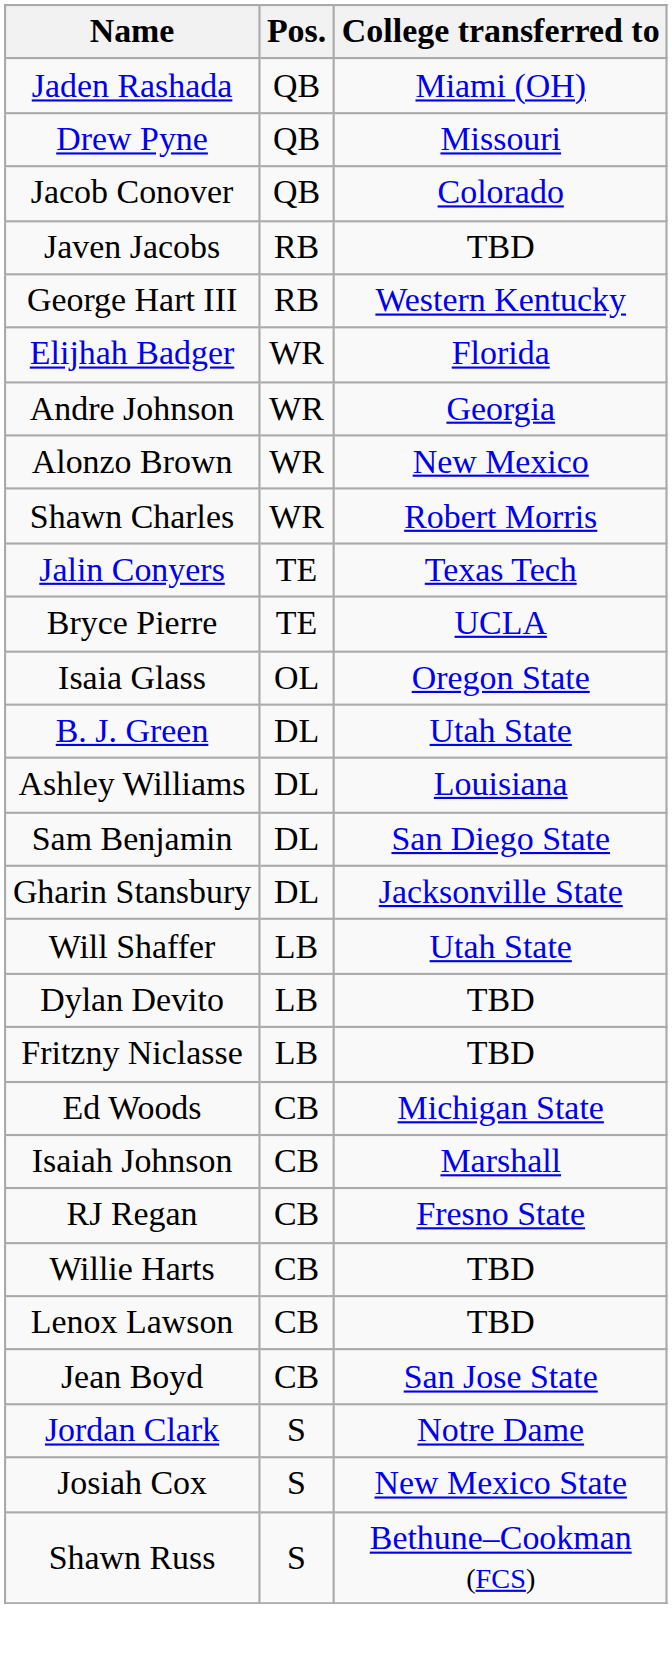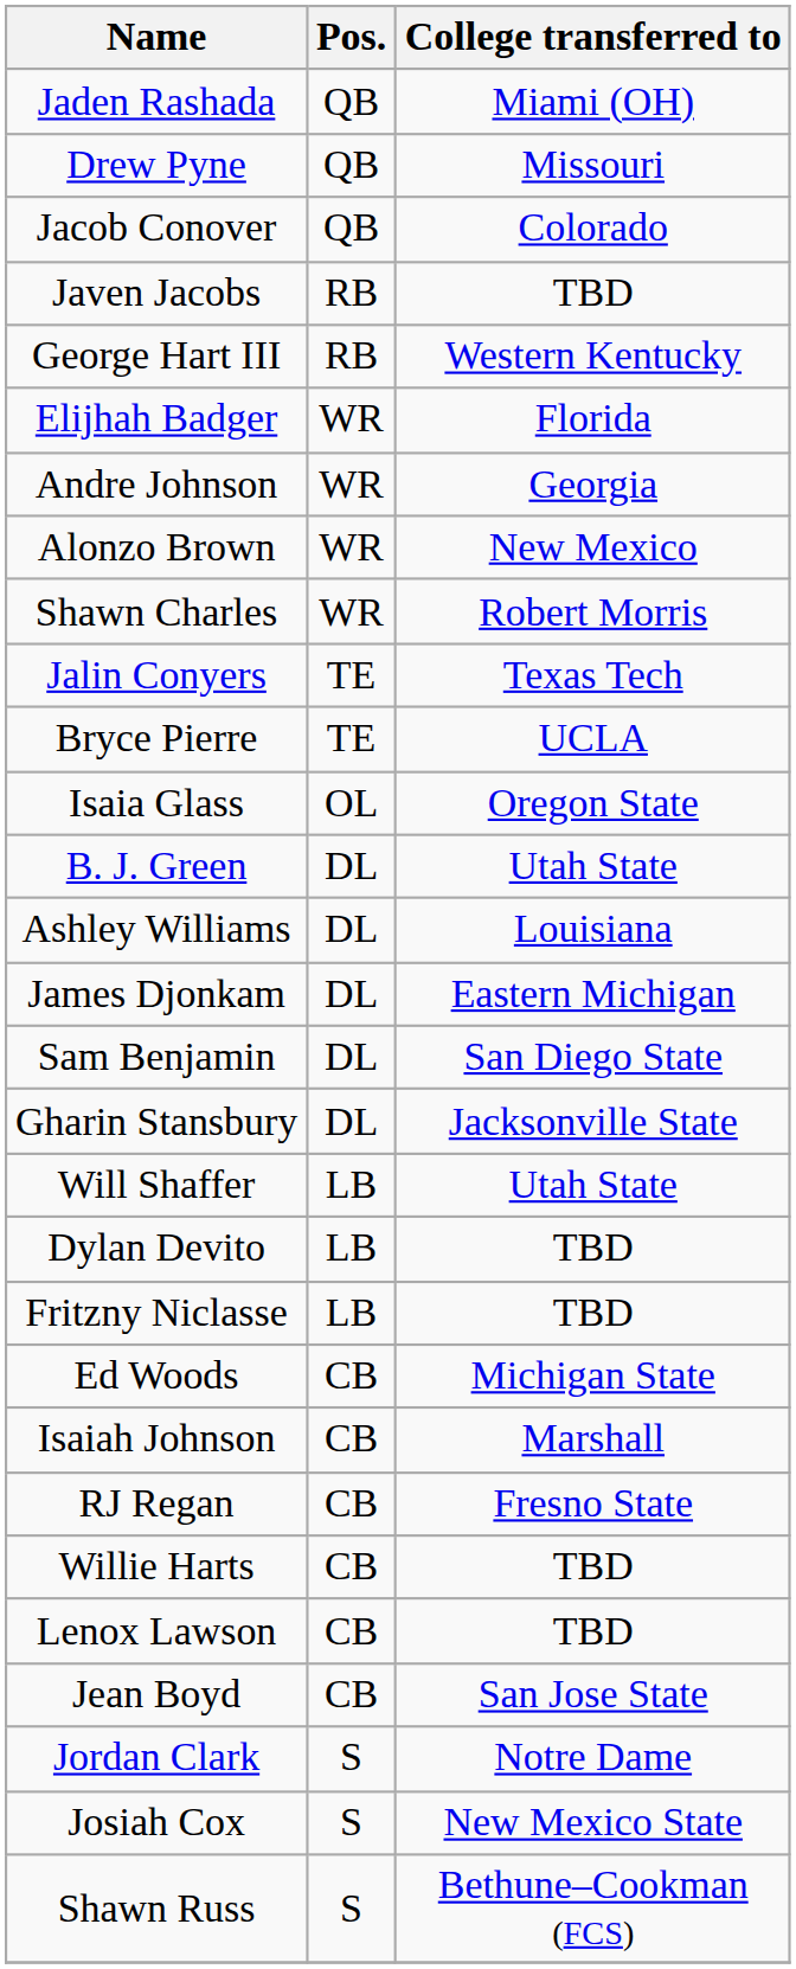 <table class="wikitable sortable sortable" style="text-align: center">
 <tr style="text-align:center">
 <th style="text-align:center; ">Name</th>
 <th style="text-align:center; ">Pos.</th>
 <th style="text-align:center; ">College transferred to</th>
 </tr>
 <tr>
 <td><a href='#'>Jaden Rashada</a></td>
 <td>QB</td>
 <td><a href='#'>Miami (OH)</a></td>
 </tr>
 <tr>
 <td><a href='#'>Drew Pyne</a></td>
 <td>QB</td>
 <td><a href='#'>Missouri</a></td>
 </tr>
 <tr>
 <td>Jacob Conover</td>
 <td>QB</td>
 <td><a href='#'>Colorado</a></td>
 </tr>
 <tr>
 <td>Javen Jacobs</td>
 <td>RB</td>
 <td>TBD</td>
 </tr>
 <tr>
 <td>George Hart III</td>
 <td>RB</td>
 <td><a href='#'>Western Kentucky</a></td>
 </tr>
 <tr>
 <td><a href='#'>Elijhah Badger</a></td>
 <td>WR</td>
 <td><a href='#'>Florida</a></td>
 </tr>
 <tr>
 <td>Andre Johnson</td>
 <td>WR</td>
 <td><a href='#'>Georgia</a></td>
 </tr>
 <tr>
 <td>Alonzo Brown</td>
 <td>WR</td>
 <td><a href='#'>New Mexico</a></td>
 </tr>
 <tr>
 <td>Shawn Charles</td>
 <td>WR</td>
 <td><a href='#'>Robert Morris</a></td>
 </tr>
 <tr>
 <td><a href='#'>Jalin Conyers</a></td>
 <td>TE</td>
 <td><a href='#'>Texas Tech</a></td>
 </tr>
 <tr>
 <td>Bryce Pierre</td>
 <td>TE</td>
 <td><a href='#'>UCLA</a></td>
 </tr>
 <tr>
 <td>Isaia Glass</td>
 <td>OL</td>
 <td><a href='#'>Oregon State</a></td>
 </tr>
 <tr>
 <td><a href='#'>B. J. Green</a></td>
 <td>DL</td>
 <td><a href='#'>Utah State</a></td>
 </tr>
 <tr>
 <td>Ashley Williams</td>
 <td>DL</td>
 <td><a href='#'>Louisiana</a></td>
 </tr>
 <tr>
+<td>James Djonkam</td>
+<td>DL</td>
+<td><a href='#'>Eastern Michigan</a></td>
+</tr>
+<tr>
 <td>Sam Benjamin</td>
 <td>DL</td>
 <td><a href='#'>San Diego State</a></td>
 </tr>
 <tr>
 <td>Gharin Stansbury</td>
 <td>DL</td>
 <td><a href='#'>Jacksonville State</a></td>
 </tr>
 <tr>
 <td>Will Shaffer</td>
 <td>LB</td>
 <td><a href='#'>Utah State</a></td>
 </tr>
 <tr>
 <td>Dylan Devito</td>
 <td>LB</td>
 <td>TBD</td>
 </tr>
 <tr>
 <td>Fritzny Niclasse</td>
 <td>LB</td>
 <td>TBD</td>
 </tr>
 <tr>
 <td>Ed Woods</td>
 <td>CB</td>
 <td><a href='#'>Michigan State</a></td>
 </tr>
 <tr>
 <td>Isaiah Johnson</td>
 <td>CB</td>
 <td><a href='#'>Marshall</a></td>
 </tr>
 <tr>
 <td>RJ Regan</td>
 <td>CB</td>
 <td><a href='#'>Fresno State</a></td>
 </tr>
 <tr>
 <td>Willie Harts</td>
 <td>CB</td>
 <td>TBD</td>
 </tr>
 <tr>
 <td>Lenox Lawson</td>
 <td>CB</td>
 <td>TBD</td>
 </tr>
 <tr>
 <td>Jean Boyd</td>
 <td>CB</td>
 <td><a href='#'>San Jose State</a></td>
 </tr>
 <tr>
 <td><a href='#'>Jordan Clark</a></td>
 <td>S</td>
 <td><a href='#'>Notre Dame</a></td>
 </tr>
 <tr>
 <td>Josiah Cox</td>
 <td>S</td>
 <td><a href='#'>New Mexico State</a></td>
 </tr>
 <tr>
 <td>Shawn Russ</td>
 <td>S</td>
 <td><a href='#'>Bethune–Cookman</a><br><small>(<a href='#'>FCS</a>)</small></td>
 </tr>
 <tr>
 </tr>
 </table>
